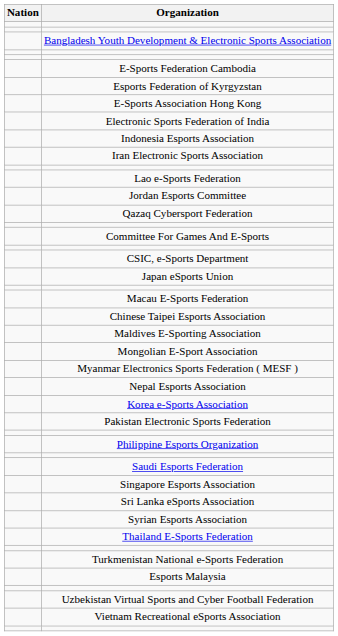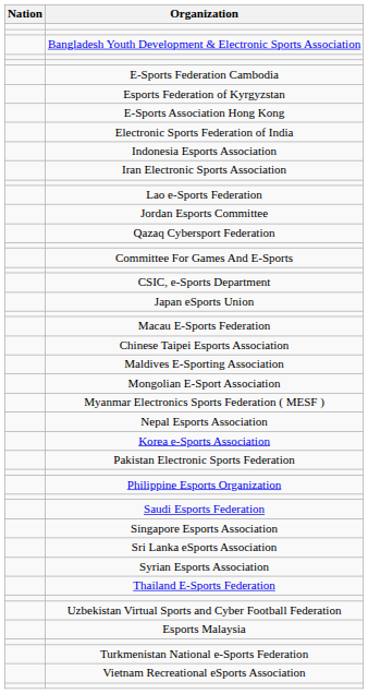 <table class="wikitable sortable" style="text-align:center; font-size:100%;">
 <tr>
 <th>Nation</th>
 <th>Organization</th>
 </tr>
 <tr>
 <td style="text-align:left;"></td>
 <td></td>
 </tr>
 <tr>
 <td style="text-align:left;"></td>
 <td></td>
 </tr>
 <tr>
 <td style="text-align:left;"></td>
 <td><a href='#'>Bangladesh Youth Development & Electronic Sports Association</a></td>
 </tr>
 <tr>
 <td style="text-align:left;"></td>
 <td></td>
 </tr>
 <tr>
 <td style="text-align:left;"></td>
 <td></td>
 </tr>
 <tr>
 <td style="text-align:left;"></td>
 <td>E-Sports Federation Cambodia</td>
 </tr>
 <tr>
 <td style="text-align:left;"></td>
 <td>Esports Federation of Kyrgyzstan</td>
 </tr>
 <tr>
 <td style="text-align:left;"></td>
 <td>E-Sports Association Hong Kong</td>
 </tr>
 <tr>
 <td style="text-align:left;"></td>
 <td>Electronic Sports Federation of India</td>
 </tr>
 <tr>
 <td style="text-align:left;"></td>
 <td>Indonesia Esports Association</td>
 </tr>
 <tr>
 <td style="text-align:left;"></td>
 <td>Iran Electronic Sports Association</td>
 </tr>
 <tr>
 <td style="text-align:left;"></td>
 <td></td>
 </tr>
 <tr>
 <td style="text-align:left;"></td>
 <td>Lao e-Sports Federation</td>
 </tr>
 <tr>
 <td style="text-align:left;"></td>
 <td>Jordan Esports Committee</td>
 </tr>
 <tr>
 <td style="text-align:left;"></td>
 <td>Qazaq Cybersport Federation</td>
 </tr>
 <tr>
 <td style="text-align:left;"></td>
 <td></td>
 </tr>
 <tr>
 <td style="text-align:left;"></td>
 <td>Committee For Games And E-Sports</td>
 </tr>
 <tr>
 <td style="text-align:left;"></td>
 <td></td>
 </tr>
 <tr>
 <td style="text-align:left;"></td>
 <td>CSIC, e-Sports Department</td>
 </tr>
 <tr>
 <td style="text-align:left;"></td>
 <td>Japan eSports Union</td>
 </tr>
 <tr>
 <td style="text-align:left;"></td>
 <td></td>
 </tr>
 <tr>
 <td style="text-align:left;"></td>
 <td>Macau E-Sports Federation</td>
 </tr>
 <tr>
 <td style="text-align:left;"></td>
 <td>Chinese Taipei Esports Association</td>
 </tr>
 <tr>
 <td style="text-align:left;"></td>
 <td>Maldives E-Sporting Association</td>
 </tr>
 <tr>
 <td style="text-align:left;"></td>
 <td>Mongolian E-Sport Association</td>
 </tr>
 <tr>
 <td style="text-align:left;"></td>
 <td>Myanmar Electronics Sports Federation ( MESF )</td>
 </tr>
 <tr>
 <td style="text-align:left;"></td>
 <td>Nepal Esports Association</td>
 </tr>
 <tr>
 <td style="text-align:left;"></td>
 <td><a href='#'>Korea e-Sports Association</a></td>
 </tr>
 <tr>
 <td style="text-align:left;"></td>
 <td>Pakistan Electronic Sports Federation</td>
 </tr>
 <tr>
 <td style="text-align:left;"></td>
 <td></td>
 </tr>
 <tr>
 <td style="text-align:left;"></td>
 <td><a href='#'>Philippine Esports Organization</a></td>
 </tr>
 <tr>
 <td style="text-align:left;"></td>
 <td></td>
 </tr>
 <tr>
 <td style="text-align:left;"></td>
 <td><a href='#'>Saudi Esports Federation</a></td>
 </tr>
 <tr>
 <td style="text-align:left;"></td>
 <td>Singapore Esports Association</td>
 </tr>
 <tr>
 <td style="text-align:left;"></td>
 <td>Sri Lanka eSports Association</td>
 </tr>
 <tr>
 <td style="text-align:left;"></td>
 <td>Syrian Esports Association</td>
 </tr>
 <tr>
 <td style="text-align:left;"></td>
 <td><a href='#'>Thailand E-Sports Federation</a></td>
 </tr>
 <tr>
 <td style="text-align:left;"></td>
 <td></td>
 </tr>
 <tr>
 <td style="text-align:left;"></td>
-<td>Turkmenistan National e-Sports Federation</td>
+<td>Uzbekistan Virtual Sports and Cyber Football Federation</td>
 </tr>
 <tr>
 <td style="text-align:left;"></td>
 <td>Esports Malaysia</td>
 </tr>
 <tr>
 <td style="text-align:left;"></td>
 <td></td>
 </tr>
 <tr>
 <td style="text-align:left;"></td>
-<td>Uzbekistan Virtual Sports and Cyber Football Federation</td>
+<td>Turkmenistan National e-Sports Federation</td>
 </tr>
 <tr>
 <td style="text-align:left;"></td>
 <td>Vietnam Recreational eSports Association</td>
 </tr>
 <tr>
 <td style="text-align:left;"></td>
 <td></td>
 </tr>
 </table>
